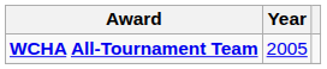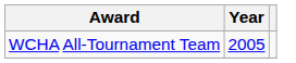 <table class="wikitable">
 <tr>
 <th>Award</th>
 <th>Year</th>
 <th></th>
 </tr>
 <tr>
-<td><strong><a href='#'>WCHA</a> <a href='#'>All-Tournament Team</a></strong></td>
+<td><a href='#'>WCHA</a> <a href='#'>All-Tournament Team</a></td>
 <td><a href='#'>2005</a></td>
 <td></td>
 </tr>
 <tr>
 </tr>
 </table>
